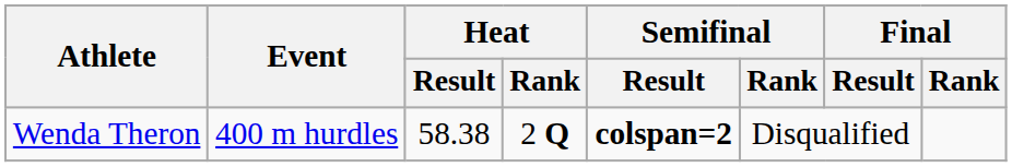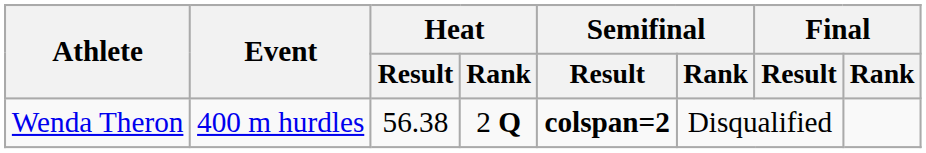 <table class=wikitable style=font-size:90%>
 <tr>
 <th rowspan=2>Athlete</th>
 <th rowspan=2>Event</th>
 <th colspan=2>Heat</th>
 <th colspan=2>Semifinal</th>
 <th colspan=2>Final</th>
 </tr>
 <tr style=font-size:95%>
 <th>Result</th>
 <th>Rank</th>
 <th>Result</th>
 <th>Rank</th>
 <th>Result</th>
 <th>Rank</th>
 </tr>
 <tr align=center>
 <td align=left><a href='#'>Wenda Theron</a></td>
 <td align=left><a href='#'>400 m hurdles</a></td>
-<td>58.38</td>
+<td>56.38</td>
 <td>2 <strong>Q</strong></td>
 <td><strong>colspan=2 </strong></td>
 <td colspan=2>Disqualified</td>
 </tr>
 </table>
